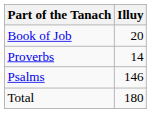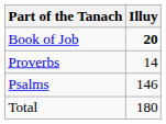 <table class="wikitable">
 <tr>
 <th>Part of the Tanach</th>
 <th>Illuy</th>
 </tr>
 <tr>
 <td><a href='#'>Book of Job</a></td>
-<td style="text-align:right">20</td>
+<td style="text-align:right"><strong>20</strong></td>
 </tr>
 <tr>
 <td><a href='#'>Proverbs</a></td>
 <td style="text-align:right">14</td>
 </tr>
 <tr>
 <td><a href='#'>Psalms</a></td>
 <td style="text-align:right">146</td>
 </tr>
 <tr>
 <td>Total</td>
 <td style="text-align:right">180</td>
 </tr>
 </table>
